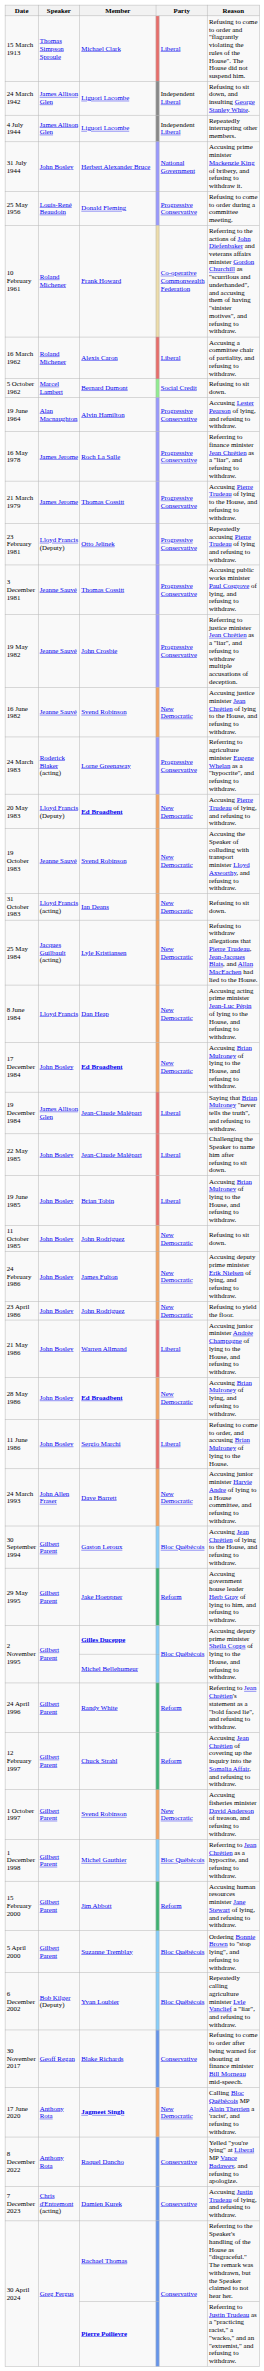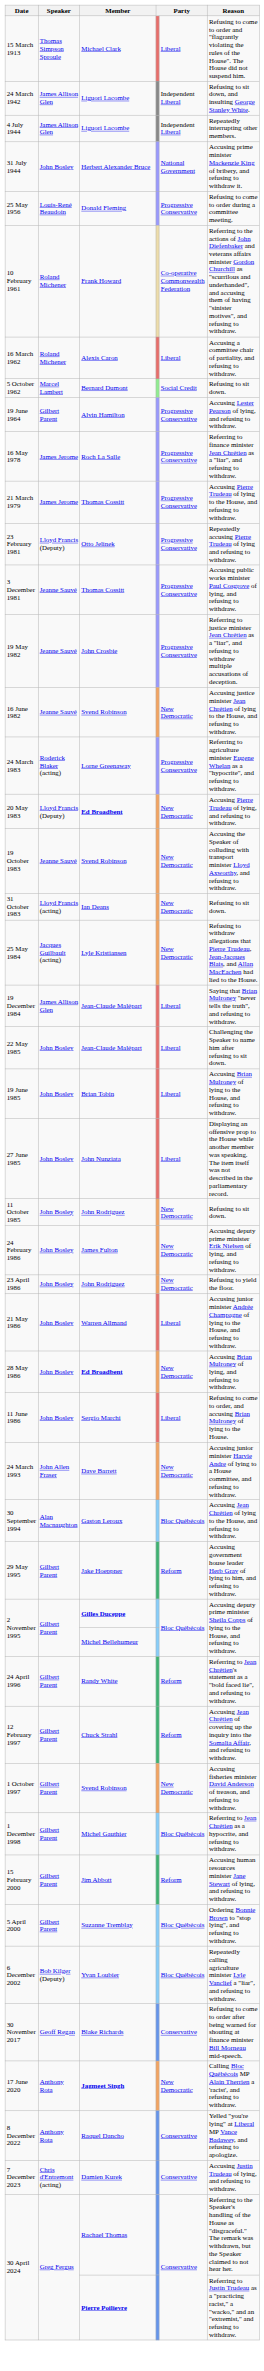 <table class="wikitable" style="margin:1em; float: left;">
 <tr>
 <th>Date</th>
 <th>Speaker</th>
 <th width=30%>Member</th>
 <th colspan=2>Party</th>
 <th>Reason</th>
 </tr>
 <tr>
 <td>15 March 1913</td>
 <td><a href='#'>Thomas Simpson Sproule</a></td>
 <td><a href='#'>Michael Clark</a></td>
 <td style="background-color: #EA6D6A; width: colorwidth;"></td>
 <td class="org" style="width: textwidth;"><a href='#'>Liberal</a></td>
 <td>Refusing to come to order and "flagrantly violating the rules of the House". The House did not suspend him.</td>
 </tr>
 <tr>
 <td>24 March 1942</td>
 <td><a href='#'>James Allison Glen</a></td>
 <td><a href='#'>Liguori Lacombe</a></td>
 <td style="background-color: #888888; width: colorwidth;"></td>
 <td class="org" style="width: textwidth;">Independent <a href='#'>Liberal</a></td>
 <td>Refusing to sit down, and insulting <a href='#'>George Stanley White</a>.</td>
 </tr>
 <tr>
 <td>4 July 1944</td>
 <td><a href='#'>James Allison Glen</a></td>
 <td><a href='#'>Liguori Lacombe</a></td>
 <td style="background-color: #888888; width: colorwidth;"></td>
 <td class="org" style="width: textwidth;">Independent <a href='#'>Liberal</a></td>
 <td>Repeatedly interrupting other members.</td>
 </tr>
 <tr>
 <td>31 July 1944</td>
 <td><a href='#'>John Bosley</a></td>
 <td><a href='#'>Herbert Alexander Bruce</a></td>
 <td style="background-color: #9999FF; width: colorwidth;"></td>
 <td class="org" style="width: textwidth;"><a href='#'>National Government</a></td>
 <td>Accusing prime minister <a href='#'>Mackenzie King</a> of bribery, and refusing to withdraw it.</td>
 </tr>
 <tr>
 <td>25 May 1956</td>
 <td><a href='#'>Louis-René Beaudoin</a></td>
 <td><a href='#'>Donald Fleming</a></td>
 <td style="background-color: #9999FF; width: colorwidth;"></td>
 <td class="org" style="width: textwidth;"><a href='#'>Progressive Conservative</a></td>
 <td>Refusing to come to order during a committee meeting.</td>
 </tr>
 <tr>
 <td>10 February 1961</td>
 <td><a href='#'>Roland Michener</a></td>
 <td><a href='#'>Frank Howard</a></td>
 <td style="background-color: #EEDDAA; width: colorwidth;"></td>
 <td class="org" style="width: textwidth;"><a href='#'>Co-operative Commonwealth Federation</a></td>
 <td>Referring to the actions of <a href='#'>John Diefenbaker</a> and veterans affairs minister <a href='#'>Gordon Churchill</a> as "scurrilous and underhanded", and accusing them of having "sinister motives", and refusing to withdraw.</td>
 </tr>
 <tr>
 <td>16 March 1962</td>
 <td><a href='#'>Roland Michener</a></td>
 <td><a href='#'>Alexis Caron</a></td>
 <td style="background-color: #EA6D6A; width: colorwidth;"></td>
 <td class="org" style="width: textwidth;"><a href='#'>Liberal</a></td>
 <td>Accusing a committee chair of partiality, and refusing to withdraw.</td>
 </tr>
 <tr>
 <td>5 October 1962</td>
 <td><a href='#'>Marcel Lambert</a></td>
 <td><a href='#'>Bernard Dumont</a></td>
 <td style="background-color: #90EE90; width: colorwidth;"></td>
 <td class="org" style="width: textwidth;"><a href='#'>Social Credit</a></td>
 <td>Refusing to sit down.</td>
 </tr>
 <tr>
 <td>19 June 1964</td>
-<td><a href='#'>Alan Macnaughton</a></td>
+<td><a href='#'>Gilbert Parent</a></td>
 <td><a href='#'>Alvin Hamilton</a></td>
 <td style="background-color: #9999FF; width: colorwidth;"></td>
 <td class="org" style="width: textwidth;"><a href='#'>Progressive Conservative</a></td>
 <td>Accusing <a href='#'>Lester Pearson</a> of lying, and refusing to withdraw.</td>
 </tr>
 <tr>
 <td>16 May 1978</td>
 <td><a href='#'>James Jerome</a></td>
 <td><a href='#'>Roch La Salle</a></td>
 <td style="background-color: #9999FF; width: colorwidth;"></td>
 <td class="org" style="width: textwidth;"><a href='#'>Progressive Conservative</a></td>
 <td>Referring to finance minister <a href='#'>Jean Chrétien</a> as a "liar", and refusing to withdraw.</td>
 </tr>
 <tr>
 <td>21 March 1979</td>
 <td><a href='#'>James Jerome</a></td>
 <td><a href='#'>Thomas Cossitt</a></td>
 <td style="background-color: #9999FF; width: colorwidth;"></td>
 <td class="org" style="width: textwidth;"><a href='#'>Progressive Conservative</a></td>
 <td>Accusing <a href='#'>Pierre Trudeau</a> of lying to the House, and refusing to withdraw.</td>
 </tr>
 <tr>
 <td>23 February 1981</td>
 <td><a href='#'>Lloyd Francis</a> (Deputy)</td>
 <td><a href='#'>Otto Jelinek</a></td>
 <td style="background-color: #9999FF; width: colorwidth;"></td>
 <td class="org" style="width: textwidth;"><a href='#'>Progressive Conservative</a></td>
 <td>Repeatedly accusing <a href='#'>Pierre Trudeau</a> of lying and refusing to withdraw.</td>
 </tr>
 <tr>
 <td>3 December 1981</td>
 <td><a href='#'>Jeanne Sauvé</a></td>
 <td><a href='#'>Thomas Cossitt</a></td>
 <td style="background-color: #9999FF; width: colorwidth;"></td>
 <td class="org" style="width: textwidth;"><a href='#'>Progressive Conservative</a></td>
 <td>Accusing public works minister <a href='#'>Paul Cosgrove</a> of lying, and refusing to withdraw.</td>
 </tr>
 <tr>
 <td>19 May 1982</td>
 <td><a href='#'>Jeanne Sauvé</a></td>
 <td><a href='#'>John Crosbie</a></td>
 <td style="background-color: #9999FF; width: colorwidth;"></td>
 <td class="org" style="width: textwidth;"><a href='#'>Progressive Conservative</a></td>
 <td>Referring to justice minister <a href='#'>Jean Chrétien</a> as a "liar", and refusing to withdraw multiple accusations of deception.</td>
 </tr>
 <tr>
 <td>16 June 1982</td>
 <td><a href='#'>Jeanne Sauvé</a></td>
 <td><a href='#'>Svend Robinson</a></td>
 <td style="background-color: #F4A460; width: colorwidth;"></td>
 <td class="org" style="width: textwidth;"><a href='#'>New Democratic</a></td>
 <td>Accusing justice minister <a href='#'>Jean Chrétien</a> of lying to the House, and refusing to withdraw.</td>
 </tr>
 <tr>
 <td>24 March 1983</td>
 <td><a href='#'>Roderick Blaker</a> (acting)</td>
 <td><a href='#'>Lorne Greenaway</a></td>
 <td style="background-color: #9999FF; width: colorwidth;"></td>
 <td class="org" style="width: textwidth;"><a href='#'>Progressive Conservative</a></td>
 <td>Referring to agriculture minister <a href='#'>Eugene Whelan</a> as a "hypocrite", and refusing to withdraw.</td>
 </tr>
 <tr>
 <td>20 May 1983</td>
 <td><a href='#'>Lloyd Francis</a> (Deputy)</td>
 <td><strong><a href='#'>Ed Broadbent</a></strong></td>
 <td style="background-color: #F4A460; width: colorwidth;"></td>
 <td class="org" style="width: textwidth;"><a href='#'>New Democratic</a></td>
 <td>Accusing <a href='#'>Pierre Trudeau</a> of lying, and refusing to withdraw.</td>
 </tr>
 <tr>
 <td>19 October 1983</td>
 <td><a href='#'>Jeanne Sauvé</a></td>
 <td><a href='#'>Svend Robinson</a></td>
 <td style="background-color: #F4A460; width: colorwidth;"></td>
 <td class="org" style="width: textwidth;"><a href='#'>New Democratic</a></td>
 <td>Accusing the Speaker of colluding with transport minister <a href='#'>Lloyd Axworthy</a>, and refusing to withdraw.</td>
 </tr>
 <tr>
 <td>31 October 1983</td>
 <td><a href='#'>Lloyd Francis</a> (acting)</td>
 <td><a href='#'>Ian Deans</a></td>
 <td style="background-color: #F4A460; width: colorwidth;"></td>
 <td class="org" style="width: textwidth;"><a href='#'>New Democratic</a></td>
 <td>Refusing to sit down.</td>
 </tr>
 <tr>
 <td>25 May 1984</td>
 <td><a href='#'>Jacques Guilbault</a> (acting)</td>
 <td><a href='#'>Lyle Kristiansen</a></td>
 <td style="background-color: #F4A460; width: colorwidth;"></td>
 <td class="org" style="width: textwidth;"><a href='#'>New Democratic</a></td>
 <td>Refusing to withdraw allegations that <a href='#'>Pierre Trudeau</a>, <a href='#'>Jean-Jacques Blais</a>, and <a href='#'>Allan MacEachen</a> had lied to the House.</td>
 </tr>
 <tr>
-<td>8 June 1984</td>
-<td><a href='#'>Lloyd Francis</a></td>
-<td><a href='#'>Dan Heap</a></td>
-<td style="background-color: #F4A460; width: colorwidth;"></td>
-<td class="org" style="width: textwidth;"><a href='#'>New Democratic</a></td>
-<td>Accusing acting prime minister <a href='#'>Jean-Luc Pépin</a> of lying to the House, and refusing to withdraw.</td>
-</tr>
-<tr>
-<td>17 December 1984</td>
-<td><a href='#'>John Bosley</a></td>
-<td><strong><a href='#'>Ed Broadbent</a></strong></td>
-<td style="background-color: #F4A460; width: colorwidth;"></td>
-<td class="org" style="width: textwidth;"><a href='#'>New Democratic</a></td>
-<td>Accusing <a href='#'>Brian Mulroney</a> of lying to the House, and refusing to withdraw.</td>
-</tr>
-<tr>
 <td>19 December 1984</td>
 <td><a href='#'>James Allison Glen</a></td>
 <td><a href='#'>Jean-Claude Malépart</a></td>
 <td style="background-color: #EA6D6A; width: colorwidth;"></td>
 <td class="org" style="width: textwidth;"><a href='#'>Liberal</a></td>
 <td>Saying that <a href='#'>Brian Mulroney</a> "never tells the truth", and refusing to withdraw.</td>
 </tr>
 <tr>
 <td>22 May 1985</td>
 <td><a href='#'>John Bosley</a></td>
 <td><a href='#'>Jean-Claude Malépart</a></td>
 <td style="background-color: #EA6D6A; width: colorwidth;"></td>
 <td class="org" style="width: textwidth;"><a href='#'>Liberal</a></td>
 <td>Challenging the Speaker to name him after refusing to sit down.</td>
 </tr>
 <tr>
 <td>19 June 1985</td>
 <td><a href='#'>John Bosley</a></td>
 <td><a href='#'>Brian Tobin</a></td>
 <td style="background-color: #EA6D6A; width: colorwidth;"></td>
 <td class="org" style="width: textwidth;"><a href='#'>Liberal</a></td>
 <td>Accusing <a href='#'>Brian Mulroney</a> of lying to the House, and refusing to withdraw.</td>
+</tr>
+<tr>
+<td>27 June 1985</td>
+<td><a href='#'>John Bosley</a></td>
+<td><a href='#'>John Nunziata</a></td>
+<td style="background-color: #EA6D6A; width: colorwidth;"></td>
+<td class="org" style="width: textwidth;"><a href='#'>Liberal</a></td>
+<td>Displaying an offensive prop to the House while another member was speaking. The item itself was not described in the parliamentary record.</td>
 </tr>
 <tr>
 <td>11 October 1985</td>
 <td><a href='#'>John Bosley</a></td>
 <td><a href='#'>John Rodriguez</a></td>
 <td style="background-color: #F4A460; width: colorwidth;"></td>
 <td class="org" style="width: textwidth;"><a href='#'>New Democratic</a></td>
 <td>Refusing to sit down.</td>
 </tr>
 <tr>
 <td>24 February 1986</td>
 <td><a href='#'>John Bosley</a></td>
 <td><a href='#'>James Fulton</a></td>
 <td style="background-color: #F4A460; width: colorwidth;"></td>
 <td class="org" style="width: textwidth;"><a href='#'>New Democratic</a></td>
 <td>Accusing deputy prime minister <a href='#'>Erik Nielsen</a> of lying, and refusing to withdraw.</td>
 </tr>
 <tr>
 <td>23 April 1986</td>
 <td><a href='#'>John Bosley</a></td>
 <td><a href='#'>John Rodriguez</a></td>
 <td style="background-color: #F4A460; width: colorwidth;"></td>
 <td class="org" style="width: textwidth;"><a href='#'>New Democratic</a></td>
 <td>Refusing to yield the floor.</td>
 </tr>
 <tr>
 <td>21 May 1986</td>
 <td><a href='#'>John Bosley</a></td>
 <td><a href='#'>Warren Allmand</a></td>
 <td style="background-color: #EA6D6A; width: colorwidth;"></td>
 <td class="org" style="width: textwidth;"><a href='#'>Liberal</a></td>
 <td>Accusing junior minister <a href='#'>Andrée Champagne</a> of lying to the House, and refusing to withdraw.</td>
 </tr>
 <tr>
 <td>28 May 1986</td>
 <td><a href='#'>John Bosley</a></td>
 <td><strong><a href='#'>Ed Broadbent</a></strong></td>
 <td style="background-color: #F4A460; width: colorwidth;"></td>
 <td class="org" style="width: textwidth;"><a href='#'>New Democratic</a></td>
 <td>Accusing <a href='#'>Brian Mulroney</a> of lying, and refusing to withdraw.</td>
 </tr>
 <tr>
 <td>11 June 1986</td>
 <td><a href='#'>John Bosley</a></td>
 <td><a href='#'>Sergio Marchi</a></td>
 <td style="background-color: #EA6D6A; width: colorwidth;"></td>
 <td class="org" style="width: textwidth;"><a href='#'>Liberal</a></td>
 <td>Refusing to come to order, and accusing <a href='#'>Brian Mulroney</a> of lying to the House.</td>
 </tr>
 <tr>
 <td>24 March 1993</td>
 <td><a href='#'>John Allen Fraser</a></td>
 <td><a href='#'>Dave Barrett</a></td>
 <td style="background-color: #F4A460; width: colorwidth;"></td>
 <td class="org" style="width: textwidth;"><a href='#'>New Democratic</a></td>
 <td>Accusing junior minister <a href='#'>Harvie Andre</a> of lying to a House committee, and refusing to withdraw.</td>
 </tr>
 <tr>
 <td>30 September 1994</td>
-<td><a href='#'>Gilbert Parent</a></td>
+<td><a href='#'>Alan Macnaughton</a></td>
 <td><a href='#'>Gaston Leroux</a></td>
 <td style="background-color: #87CEFA; width: colorwidth;"></td>
 <td class="org" style="width: textwidth;"><a href='#'>Bloc Québécois</a></td>
 <td>Accusing <a href='#'>Jean Chrétien</a> of lying to the House, and refusing to withdraw.</td>
 </tr>
 <tr>
 <td>29 May 1995</td>
 <td><a href='#'>Gilbert Parent</a></td>
 <td><a href='#'>Jake Hoeppner</a></td>
 <td style="background-color: #3CB371; width: colorwidth;"></td>
 <td class="org" style="width: textwidth;"><a href='#'>Reform</a></td>
 <td>Accusing government house leader <a href='#'>Herb Gray</a> of lying to him, and refusing to withdraw.</td>
 </tr>
 <tr>
 <td rowspan="2">2 November 1995</td>
 <td rowspan="2"><a href='#'>Gilbert Parent</a></td>
 <td><strong><a href='#'>Gilles Duceppe</a></strong></td>
 <td style="background-color: #87CEFA; width: colorwidth;"></td>
 <td rowspan="2" class="org" style="width: textwidth;"><a href='#'>Bloc Québécois</a></td>
 <td rowspan="2">Accusing deputy prime minister <a href='#'>Sheila Copps</a> of lying to the House, and refusing to withdraw.</td>
 </tr>
 <tr>
 <td><a href='#'>Michel Bellehumeur</a></td>
 <td style="background-color: #87CEFA; width: colorwidth;"></td>
 </tr>
 <tr>
 <td>24 April 1996</td>
 <td><a href='#'>Gilbert Parent</a></td>
 <td><a href='#'>Randy White</a></td>
 <td style="background-color: #3CB371; width: colorwidth;"></td>
 <td class="org" style="width: textwidth;"><a href='#'>Reform</a></td>
 <td>Referring to <a href='#'>Jean Chrétien</a>'s statement as a "bold faced lie", and refusing to withdraw.</td>
 </tr>
 <tr>
 <td>12 February 1997</td>
 <td><a href='#'>Gilbert Parent</a></td>
 <td><a href='#'>Chuck Strahl</a></td>
 <td style="background-color: #3CB371; width: colorwidth;"></td>
 <td class="org" style="width: textwidth;"><a href='#'>Reform</a></td>
 <td>Accusing <a href='#'>Jean Chrétien</a> of covering up the inquiry into the <a href='#'>Somalia Affair</a>, and refusing to withdraw.</td>
 </tr>
 <tr>
 <td>1 October 1997</td>
 <td><a href='#'>Gilbert Parent</a></td>
 <td><a href='#'>Svend Robinson</a></td>
 <td style="background-color: #F4A460; width: colorwidth;"></td>
 <td class="org" style="width: textwidth;"><a href='#'>New Democratic</a></td>
 <td>Accusing fisheries minister <a href='#'>David Anderson</a> of treason, and refusing to withdraw.</td>
 </tr>
 <tr>
 <td>1 December 1998</td>
 <td><a href='#'>Gilbert Parent</a></td>
 <td><a href='#'>Michel Gauthier</a></td>
 <td style="background-color: #87CEFA; width: colorwidth;"></td>
 <td class="org" style="width: textwidth;"><a href='#'>Bloc Québécois</a></td>
 <td>Referring to <a href='#'>Jean Chrétien</a> as a hypocrite, and refusing to withdraw.</td>
 </tr>
 <tr>
 <td>15 February 2000</td>
 <td><a href='#'>Gilbert Parent</a></td>
 <td><a href='#'>Jim Abbott</a></td>
 <td style="background-color: #3CB371; width: colorwidth;"></td>
 <td class="org" style="width: textwidth;"><a href='#'>Reform</a></td>
 <td>Accusing human resources minister <a href='#'>Jane Stewart</a> of lying, and refusing to withdraw.</td>
 </tr>
 <tr>
 <td>5 April 2000</td>
 <td><a href='#'>Gilbert Parent</a></td>
 <td><a href='#'>Suzanne Tremblay</a></td>
 <td style="background-color: #87CEFA; width: colorwidth;"></td>
 <td class="org" style="width: textwidth;"><a href='#'>Bloc Québécois</a></td>
 <td>Ordering <a href='#'>Bonnie Brown</a> to "stop lying", and refusing to withdraw.</td>
 </tr>
 <tr>
 <td>6 December 2002</td>
 <td><a href='#'>Bob Kilger</a> (Deputy)</td>
 <td><a href='#'>Yvan Loubier</a></td>
 <td style="background-color: #87CEFA; width: colorwidth;"></td>
 <td class="org" style="width: textwidth;"><a href='#'>Bloc Québécois</a></td>
 <td>Repeatedly calling agriculture minister <a href='#'>Lyle Vanclief</a> a "liar", and refusing to withdraw.</td>
 </tr>
 <tr>
 <td>30 November 2017</td>
 <td><a href='#'>Geoff Regan</a></td>
 <td><a href='#'>Blake Richards</a></td>
 <td style="background-color: #6495ED; width: colorwidth;"></td>
 <td class="org" style="width: textwidth;"><a href='#'>Conservative</a></td>
 <td>Refusing to come to order after being warned for shouting at finance minister <a href='#'>Bill Morneau</a> mid-speech.</td>
 </tr>
 <tr>
 <td>17 June 2020</td>
 <td><a href='#'>Anthony Rota</a></td>
 <td><strong><a href='#'>Jagmeet Singh</a></strong></td>
 <td style="background-color: #F4A460; width: colorwidth;"></td>
 <td class="org" style="width: textwidth;"><a href='#'>New Democratic</a></td>
 <td>Calling <a href='#'>Bloc Québécois</a> MP <a href='#'>Alain Therrien</a> a 'racist', and refusing to withdraw.</td>
 </tr>
 <tr>
 <td>8 December 2022</td>
 <td><a href='#'>Anthony Rota</a></td>
 <td><a href='#'>Raquel Dancho</a></td>
 <td style="background-color: #6495ED; width: colorwidth;"></td>
 <td class="org" style="width: textwidth;"><a href='#'>Conservative</a></td>
 <td>Yelled "you're lying" at <a href='#'>Liberal</a> MP <a href='#'>Vance Badawey</a>, and refusing to apologize.</td>
 </tr>
 <tr>
 <td>7 December 2023</td>
 <td><a href='#'>Chris d'Entremont</a> (acting)</td>
 <td><a href='#'>Damien Kurek</a></td>
 <td style="background-color: #6495ED; width: colorwidth;"></td>
 <td class="org" style="width: textwidth;"><a href='#'>Conservative</a></td>
 <td>Accusing <a href='#'>Justin Trudeau</a> of lying, and refusing to withdraw.</td>
 </tr>
 <tr>
 <td rowspan="2">30 April 2024</td>
 <td rowspan="2"><a href='#'>Greg Fergus</a></td>
 <td><a href='#'>Rachael Thomas</a></td>
 <td style="background-color: #6495ED; width: colorwidth;"></td>
 <td rowspan="2" class="org" style="width: textwidth;"><a href='#'>Conservative</a></td>
 <td>Referring to the Speaker's handling of the House as "disgraceful." The remark was withdrawn, but the Speaker claimed to not hear her.</td>
 </tr>
 <tr>
 <td><strong><a href='#'>Pierre Poilievre</a></strong></td>
 <td style="background-color: #6495ED; width: colorwidth;"></td>
 <td>Referring to <a href='#'>Justin Trudeau</a> as a "practicing racist," a "wacko," and an "extremist," and refusing to withdraw.</td>
 </tr>
 </table>
